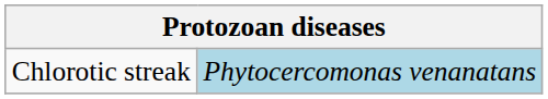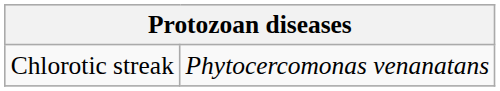 <table class="wikitable" style="clear">
 <tr>
 <th colspan="2"><strong>Protozoan diseases</strong><br></th>
 </tr>
 <tr>
 <td>Chlorotic streak</td>
-<td style="background: lightblue;"><em>Phytocercomonas venanatans</em></td>
+<td><em>Phytocercomonas venanatans</em></td>
 </tr>
 </table>
